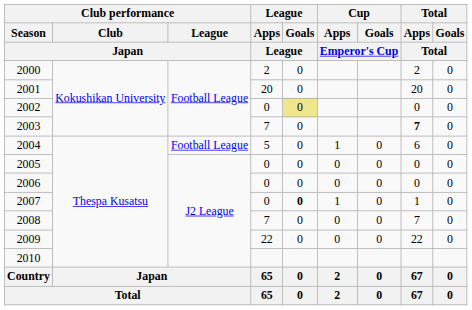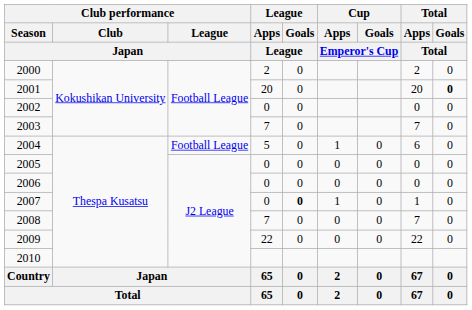 <table class="wikitable" style="text-align:center;">
 <tr>
 <th colspan=3>Club performance</th>
 <th colspan=2>League</th>
 <th colspan=2>Cup</th>
 <th colspan=2>Total</th>
 </tr>
 <tr>
 <th>Season</th>
 <th>Club</th>
 <th>League</th>
 <th>Apps</th>
 <th>Goals</th>
 <th>Apps</th>
 <th>Goals</th>
 <th>Apps</th>
 <th>Goals</th>
 </tr>
 <tr>
 <th colspan=3>Japan</th>
 <th colspan=2>League</th>
 <th colspan=2><a href='#'>Emperor's Cup</a></th>
 <th colspan=2>Total</th>
 </tr>
 <tr>
 <td>2000</td>
 <td rowspan="4"><a href='#'>Kokushikan University</a></td>
 <td rowspan="4"><a href='#'>Football League</a></td>
 <td>2</td>
 <td>0</td>
 <td></td>
 <td></td>
 <td>2</td>
 <td>0</td>
 </tr>
 <tr>
 <td>2001</td>
 <td>20</td>
 <td>0</td>
 <td></td>
 <td></td>
 <td>20</td>
-<td>0</td>
+<td><strong>0</strong></td>
 </tr>
 <tr>
 <td>2002</td>
 <td>0</td>
-<td style="background: khaki;">0</td>
+<td>0</td>
 <td></td>
 <td></td>
 <td>0</td>
 <td>0</td>
 </tr>
 <tr>
 <td>2003</td>
 <td>7</td>
 <td>0</td>
 <td></td>
 <td></td>
-<td><strong>7</strong></td>
+<td>7</td>
 <td>0</td>
 </tr>
 <tr>
 <td>2004</td>
 <td rowspan="7"><a href='#'>Thespa Kusatsu</a></td>
 <td><a href='#'>Football League</a></td>
 <td>5</td>
 <td>0</td>
 <td>1</td>
 <td>0</td>
 <td>6</td>
 <td>0</td>
 </tr>
 <tr>
 <td>2005</td>
 <td rowspan="6"><a href='#'>J2 League</a></td>
 <td>0</td>
 <td>0</td>
 <td>0</td>
 <td>0</td>
 <td>0</td>
 <td>0</td>
 </tr>
 <tr>
 <td>2006</td>
 <td>0</td>
 <td>0</td>
 <td>0</td>
 <td>0</td>
 <td>0</td>
 <td>0</td>
 </tr>
 <tr>
 <td>2007</td>
 <td>0</td>
 <td><strong>0</strong></td>
 <td>1</td>
 <td>0</td>
 <td>1</td>
 <td>0</td>
 </tr>
 <tr>
 <td>2008</td>
 <td>7</td>
 <td>0</td>
 <td>0</td>
 <td>0</td>
 <td>7</td>
 <td>0</td>
 </tr>
 <tr>
 <td>2009</td>
 <td>22</td>
 <td>0</td>
 <td>0</td>
 <td>0</td>
 <td>22</td>
 <td>0</td>
 </tr>
 <tr>
 <td>2010</td>
 <td></td>
 <td></td>
 <td></td>
 <td></td>
 <td></td>
 <td></td>
 </tr>
 <tr>
 <th rowspan=1>Country</th>
 <th colspan=2>Japan</th>
 <th>65</th>
 <th>0</th>
 <th>2</th>
 <th>0</th>
 <th>67</th>
 <th>0</th>
 </tr>
 <tr>
 <th colspan=3>Total</th>
 <th>65</th>
 <th>0</th>
 <th>2</th>
 <th>0</th>
 <th>67</th>
 <th>0</th>
 </tr>
 </table>
